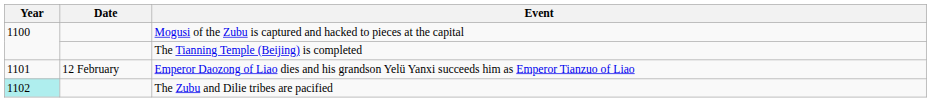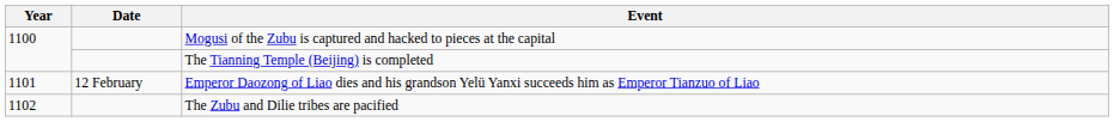 <table class="wikitable" width="100%">
 <tr>
 <th style="width:6%">Year</th>
 <th style="width:10%">Date</th>
 <th>Event</th>
 </tr>
 <tr>
 <td rowspan="2" valign="top">1100</td>
 <td></td>
 <td><a href='#'>Mogusi</a> of the <a href='#'>Zubu</a> is captured and hacked to pieces at the capital</td>
 </tr>
 <tr>
 <td></td>
 <td>The <a href='#'>Tianning Temple (Beijing)</a> is completed</td>
 </tr>
 <tr>
 <td>1101</td>
 <td>12 February</td>
 <td><a href='#'>Emperor Daozong of Liao</a> dies and his grandson Yelü Yanxi succeeds him as <a href='#'>Emperor Tianzuo of Liao</a></td>
 </tr>
 <tr>
-<td style="background: paleturquoise;">1102</td>
+<td>1102</td>
 <td></td>
 <td>The <a href='#'>Zubu</a> and Dilie tribes are pacified</td>
 </tr>
 </table>
